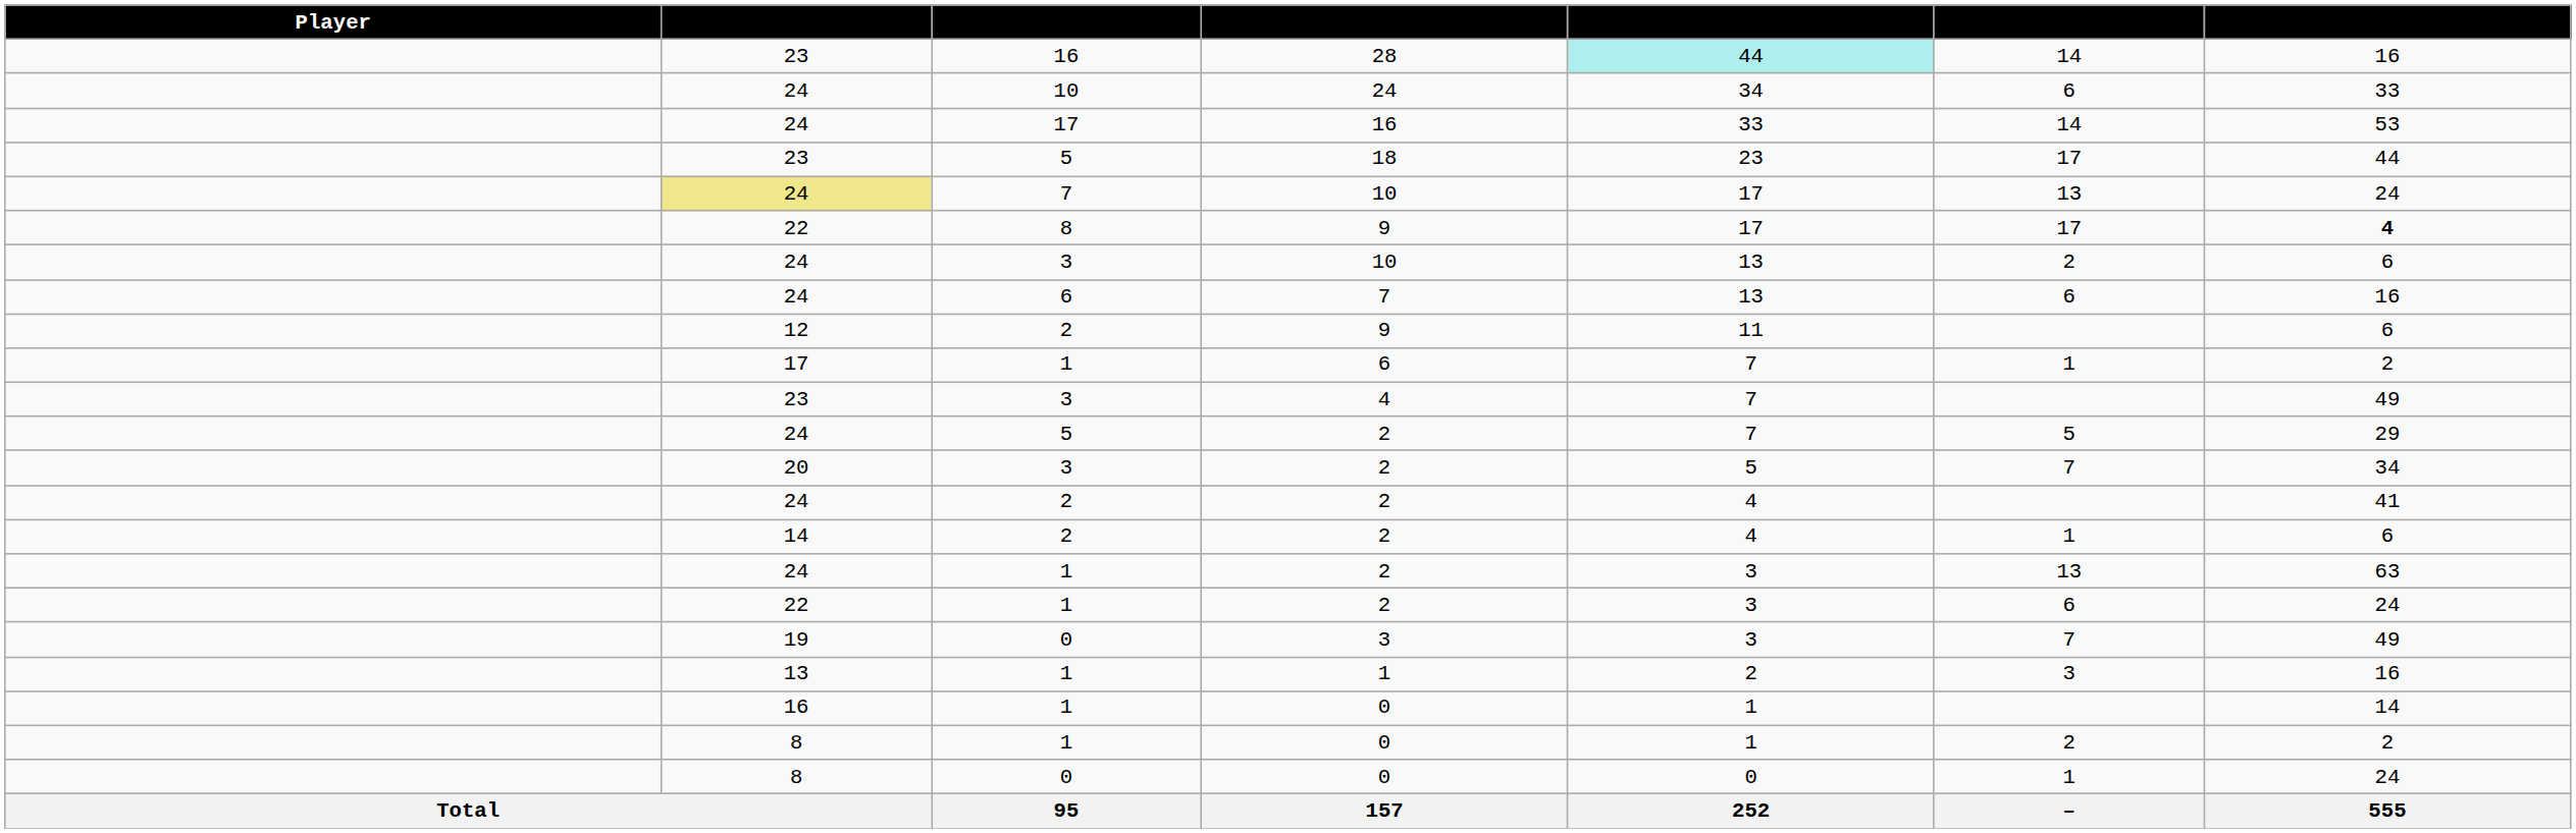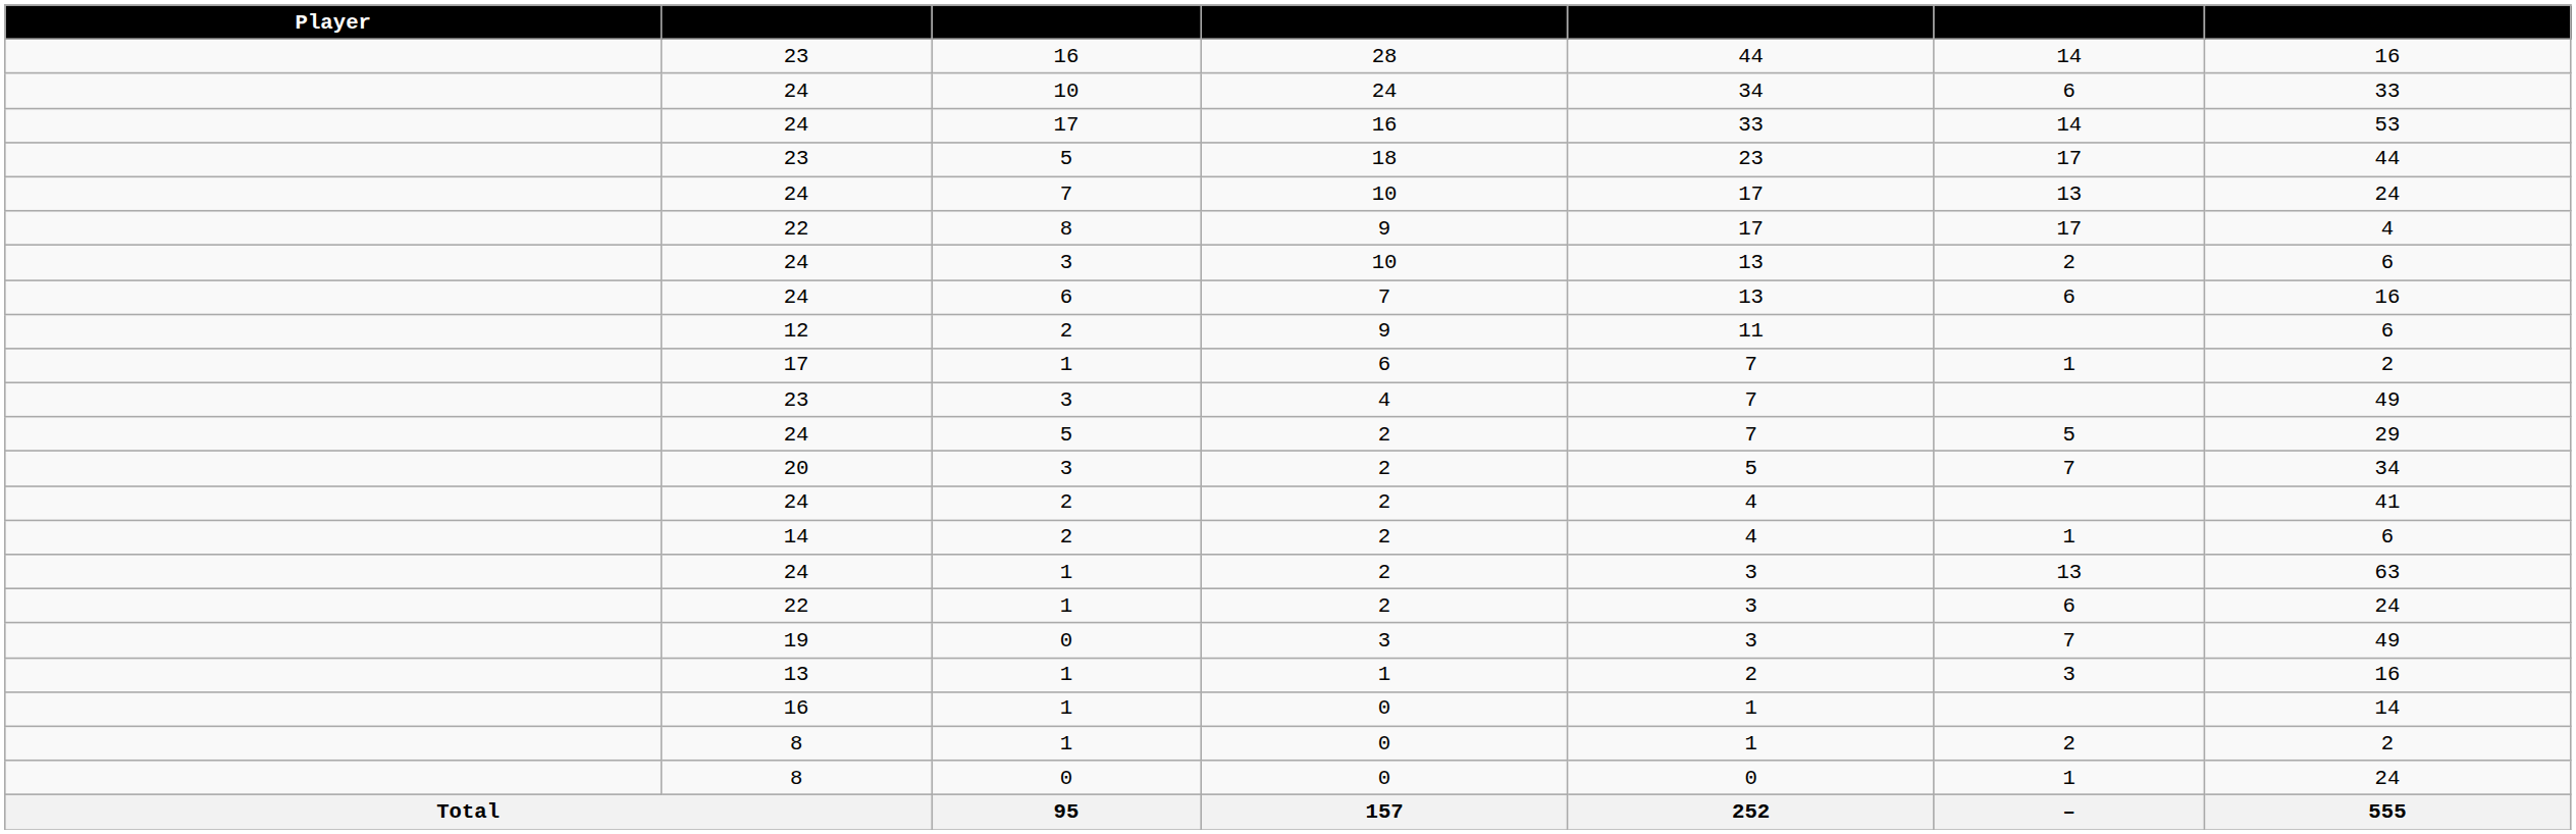 <table class="wikitable sortable" style="width:100%; text-align:center;">
 <tr>
 <th style="color:white; background:#000000; ">Player</th>
 <th style="color:white; background:#000000; "></th>
 <th style="color:white; background:#000000; "></th>
 <th style="color:white; background:#000000; "></th>
 <th style="color:white; background:#000000; "></th>
 <th style="color:white; background:#000000; "></th>
 <th style="color:white; background:#000000; "></th>
 </tr>
 <tr>
 <td></td>
 <td>23</td>
 <td>16</td>
 <td>28</td>
-<td style="background: paleturquoise;">44</td>
+<td>44</td>
 <td>14</td>
 <td>16</td>
 </tr>
 <tr>
 <td></td>
 <td>24</td>
 <td>10</td>
 <td>24</td>
 <td>34</td>
 <td>6</td>
 <td>33</td>
 </tr>
 <tr>
 <td></td>
 <td>24</td>
 <td>17</td>
 <td>16</td>
 <td>33</td>
 <td>14</td>
 <td>53</td>
 </tr>
 <tr>
 <td></td>
 <td>23</td>
 <td>5</td>
 <td>18</td>
 <td>23</td>
 <td>17</td>
 <td>44</td>
 </tr>
 <tr>
 <td></td>
-<td style="background: khaki;">24</td>
+<td>24</td>
 <td>7</td>
 <td>10</td>
 <td>17</td>
 <td>13</td>
 <td>24</td>
 </tr>
 <tr>
 <td></td>
 <td>22</td>
 <td>8</td>
 <td>9</td>
 <td>17</td>
 <td>17</td>
-<td><strong>4</strong></td>
+<td>4</td>
 </tr>
 <tr>
 <td></td>
 <td>24</td>
 <td>3</td>
 <td>10</td>
 <td>13</td>
 <td>2</td>
 <td>6</td>
 </tr>
 <tr>
 <td></td>
 <td>24</td>
 <td>6</td>
 <td>7</td>
 <td>13</td>
 <td>6</td>
 <td>16</td>
 </tr>
 <tr>
 <td></td>
 <td>12</td>
 <td>2</td>
 <td>9</td>
 <td>11</td>
 <td></td>
 <td>6</td>
 </tr>
 <tr>
 <td></td>
 <td>17</td>
 <td>1</td>
 <td>6</td>
 <td>7</td>
 <td>1</td>
 <td>2</td>
 </tr>
 <tr>
 <td></td>
 <td>23</td>
 <td>3</td>
 <td>4</td>
 <td>7</td>
 <td></td>
 <td>49</td>
 </tr>
 <tr>
 <td></td>
 <td>24</td>
 <td>5</td>
 <td>2</td>
 <td>7</td>
 <td>5</td>
 <td>29</td>
 </tr>
 <tr>
 <td></td>
 <td>20</td>
 <td>3</td>
 <td>2</td>
 <td>5</td>
 <td>7</td>
 <td>34</td>
 </tr>
 <tr>
 <td></td>
 <td>24</td>
 <td>2</td>
 <td>2</td>
 <td>4</td>
 <td></td>
 <td>41</td>
 </tr>
 <tr>
 <td></td>
 <td>14</td>
 <td>2</td>
 <td>2</td>
 <td>4</td>
 <td>1</td>
 <td>6</td>
 </tr>
 <tr>
 <td></td>
 <td>24</td>
 <td>1</td>
 <td>2</td>
 <td>3</td>
 <td>13</td>
 <td>63</td>
 </tr>
 <tr>
 <td></td>
 <td>22</td>
 <td>1</td>
 <td>2</td>
 <td>3</td>
 <td>6</td>
 <td>24</td>
 </tr>
 <tr>
 <td></td>
 <td>19</td>
 <td>0</td>
 <td>3</td>
 <td>3</td>
 <td>7</td>
 <td>49</td>
 </tr>
 <tr>
 <td></td>
 <td>13</td>
 <td>1</td>
 <td>1</td>
 <td>2</td>
 <td>3</td>
 <td>16</td>
 </tr>
 <tr>
 <td></td>
 <td>16</td>
 <td>1</td>
 <td>0</td>
 <td>1</td>
 <td></td>
 <td>14</td>
 </tr>
 <tr>
 <td></td>
 <td>8</td>
 <td>1</td>
 <td>0</td>
 <td>1</td>
 <td>2</td>
 <td>2</td>
 </tr>
 <tr>
 <td></td>
 <td>8</td>
 <td>0</td>
 <td>0</td>
 <td>0</td>
 <td>1</td>
 <td>24</td>
 </tr>
 <tr class="sortbotom">
 <th colspan=2>Total</th>
 <th>95</th>
 <th>157</th>
 <th>252</th>
 <th>–</th>
 <th>555</th>
 </tr>
 </table>
